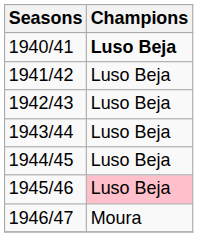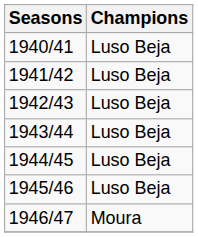 <table class="wikitable" style="text-align:left">
 <tr>
 <th style= width="80px">Seasons</th>
 <th style= width="200px">Champions</th>
 </tr>
 <tr>
 <td>1940/41</td>
-<td><strong>Luso Beja</strong></td>
+<td>Luso Beja</td>
 </tr>
 <tr>
 <td>1941/42</td>
 <td>Luso Beja</td>
 </tr>
 <tr>
 <td>1942/43</td>
 <td>Luso Beja</td>
 </tr>
 <tr>
 <td>1943/44</td>
 <td>Luso Beja</td>
 </tr>
 <tr>
 <td>1944/45</td>
 <td>Luso Beja</td>
 </tr>
 <tr>
 <td>1945/46</td>
-<td style="background: pink;">Luso Beja</td>
+<td>Luso Beja</td>
 </tr>
 <tr>
 <td>1946/47</td>
 <td>Moura</td>
 </tr>
 <tr>
 </tr>
 </table>
